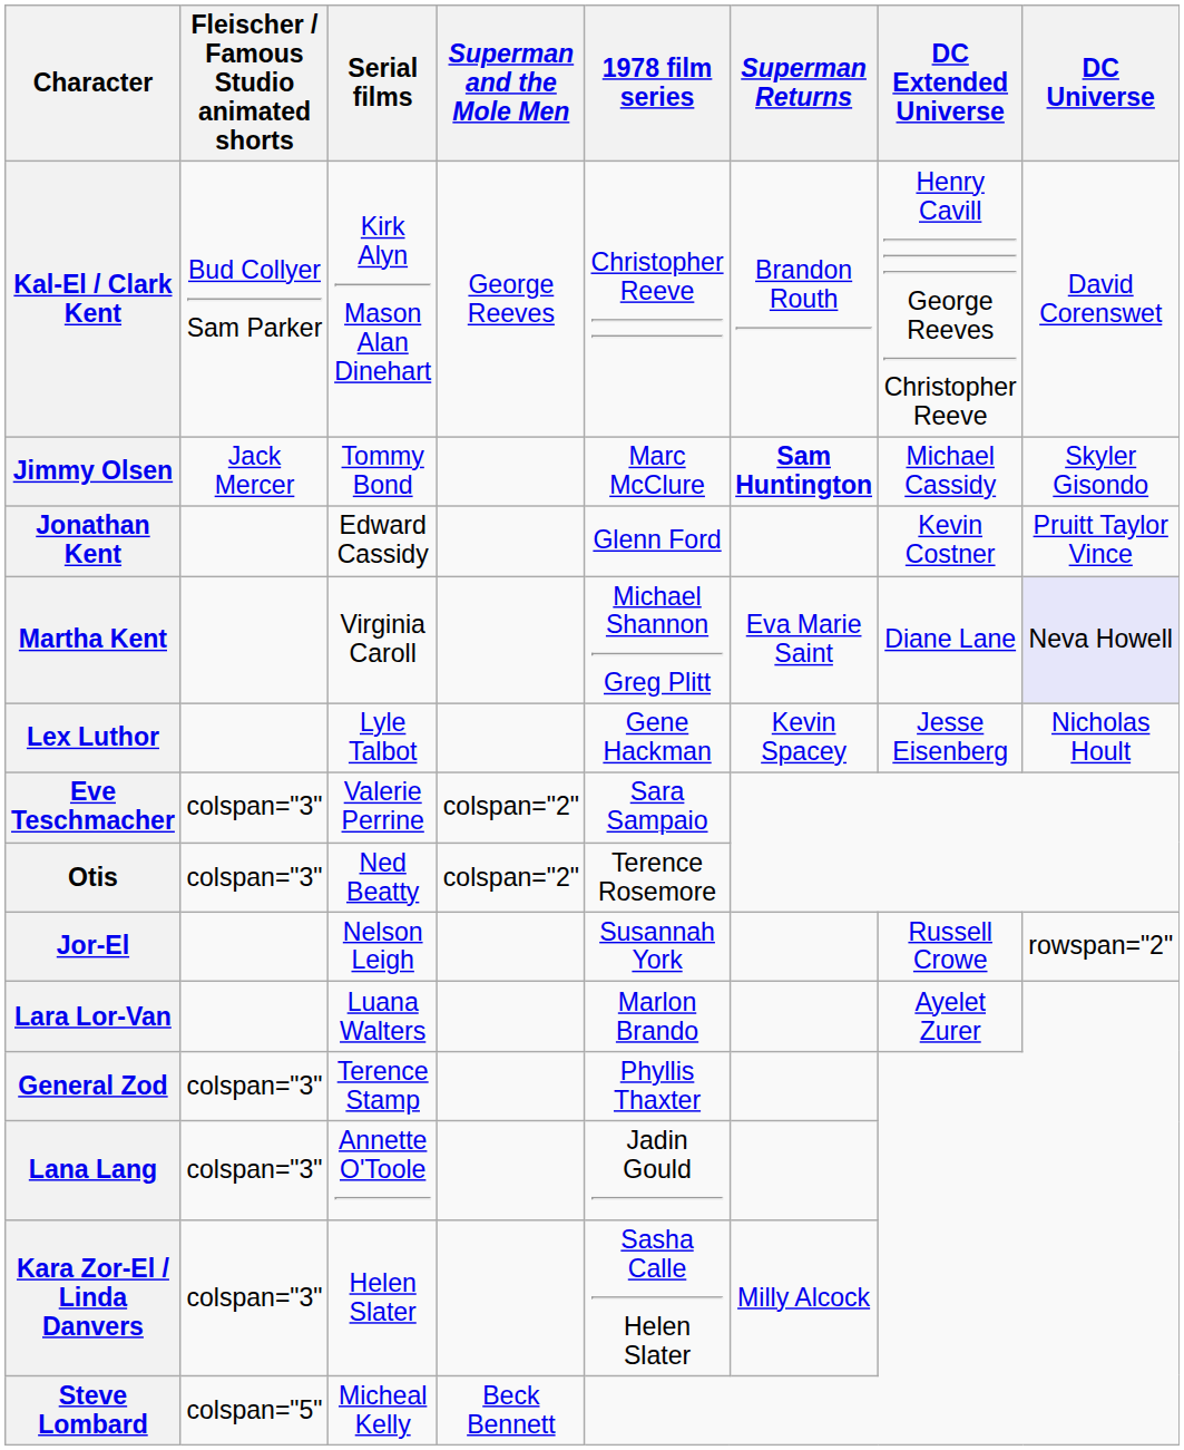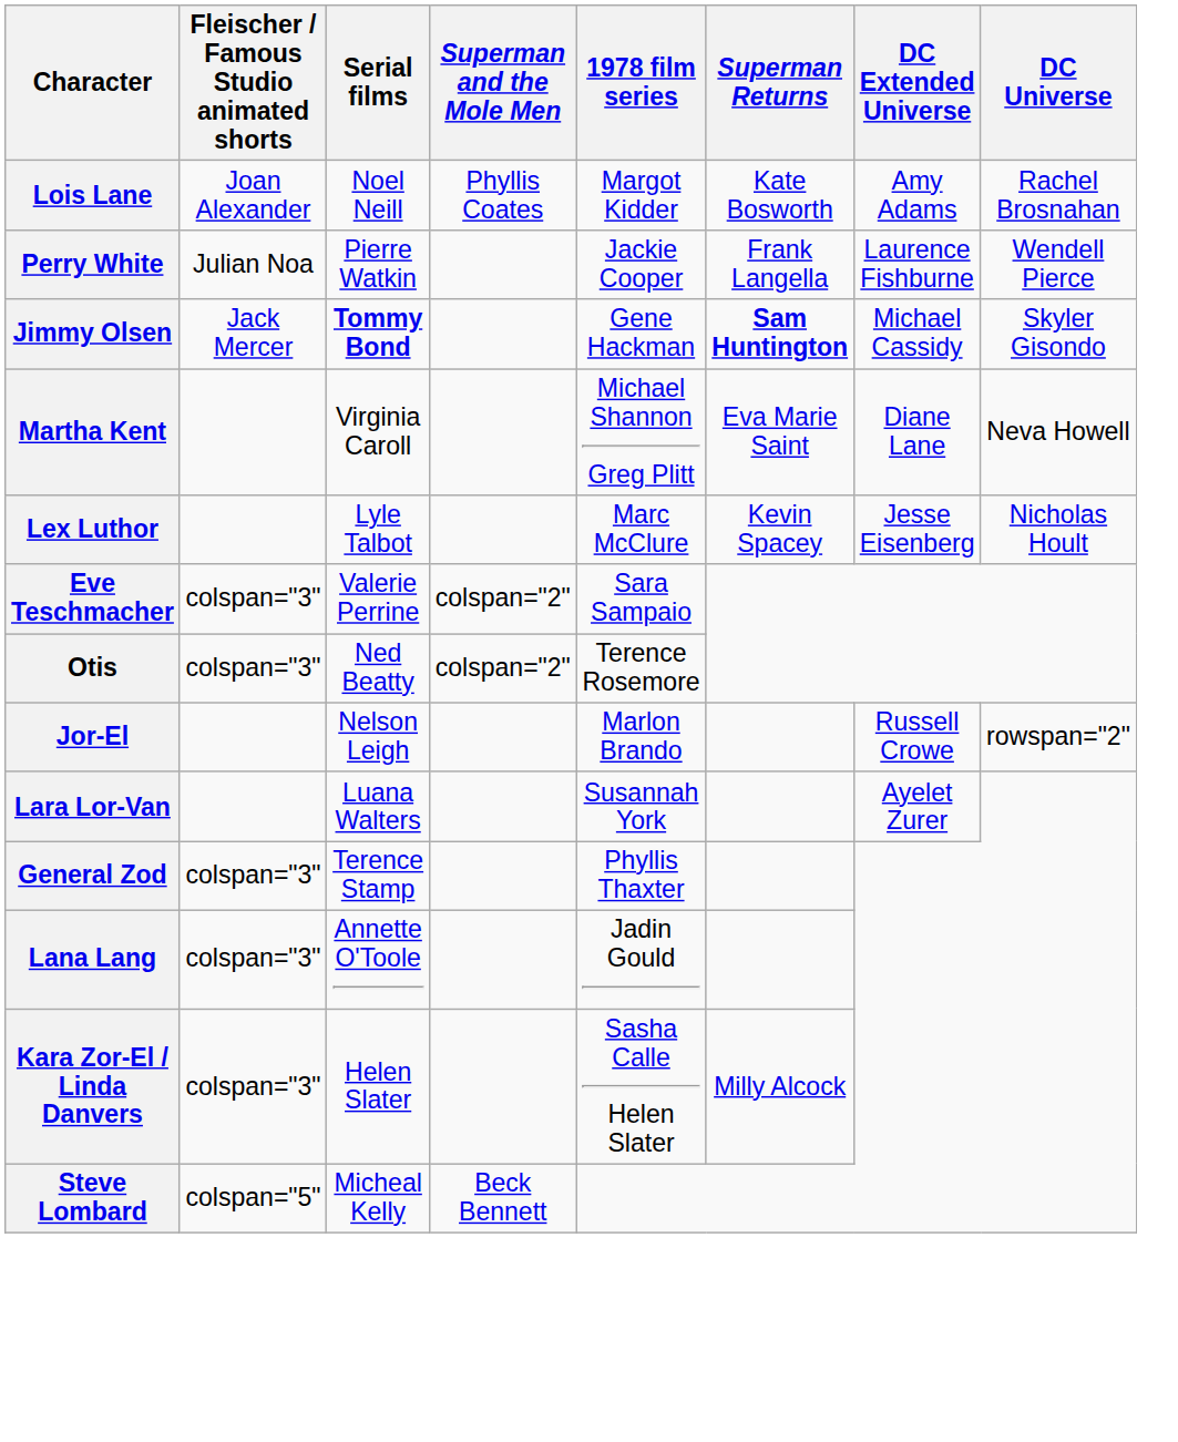 <table class="wikitable" style="text-align:center; width:99%;">
 <tr>
 <th style="width:12%;">Character</th>
 <th style="width:12%;">Fleischer / Famous Studio animated shorts<br></th>
 <th>Serial films<br></th>
 <th style="width:12%;"><em><a href='#'>Superman and the Mole Men</a></em><br></th>
 <th><a href='#'>1978 film series</a><br></th>
 <th><em><a href='#'>Superman Returns</a></em><br></th>
 <th><a href='#'>DC Extended Universe</a><br></th>
 <th><a href='#'>DC Universe</a><br></th>
 </tr>
 <tr>
-<th><a href='#'>Kal-El / Clark Kent<br></a></th>
-<td><a href='#'>Bud Collyer</a><hr>Sam Parker</td>
-<td><a href='#'>Kirk Alyn</a><hr><a href='#'>Mason Alan Dinehart</a></td>
-<td><a href='#'>George Reeves</a></td>
-<td><a href='#'>Christopher Reeve</a><hr><hr></td>
-<td><a href='#'>Brandon Routh</a><hr></td>
-<td><a href='#'>Henry Cavill</a><hr><hr><hr>George Reeves<hr>Christopher Reeve</td>
-<td><a href='#'>David Corenswet</a></td>
+<th><a href='#'>Lois Lane</a></th>
+<td><a href='#'>Joan Alexander</a></td>
+<td><a href='#'>Noel Neill</a></td>
+<td><a href='#'>Phyllis Coates</a></td>
+<td><a href='#'>Margot Kidder</a></td>
+<td><a href='#'>Kate Bosworth</a></td>
+<td><a href='#'>Amy Adams</a></td>
+<td><a href='#'>Rachel Brosnahan</a></td>
+</tr>
+<tr>
+<th><a href='#'>Perry White</a></th>
+<td>Julian Noa</td>
+<td><a href='#'>Pierre Watkin</a></td>
+<td></td>
+<td><a href='#'>Jackie Cooper</a></td>
+<td><a href='#'>Frank Langella</a></td>
+<td><a href='#'>Laurence Fishburne</a></td>
+<td><a href='#'>Wendell Pierce</a></td>
 </tr>
 <tr>
 <th><a href='#'>Jimmy Olsen</a></th>
 <td><a href='#'>Jack Mercer</a></td>
-<td><a href='#'>Tommy Bond</a></td>
+<td><strong><a href='#'>Tommy Bond</a></strong></td>
 <td></td>
-<td><a href='#'>Marc McClure</a></td>
+<td><a href='#'>Gene Hackman</a></td>
 <td><strong><a href='#'>Sam Huntington</a></strong></td>
 <td><a href='#'>Michael Cassidy</a></td>
 <td><a href='#'>Skyler Gisondo</a></td>
-</tr>
-<tr>
-<th><a href='#'>Jonathan Kent</a></th>
-<td></td>
-<td>Edward Cassidy</td>
-<td></td>
-<td><a href='#'>Glenn Ford</a></td>
-<td></td>
-<td><a href='#'>Kevin Costner</a></td>
-<td><a href='#'>Pruitt Taylor Vince</a></td>
 </tr>
 <tr>
 <th><a href='#'>Martha Kent</a></th>
 <td></td>
 <td>Virginia Caroll</td>
 <td></td>
 <td><a href='#'>Michael Shannon</a><hr><a href='#'>Greg Plitt</a></td>
 <td><a href='#'>Eva Marie Saint</a></td>
 <td><a href='#'>Diane Lane</a></td>
-<td style="background: lavender;">Neva Howell</td>
+<td>Neva Howell</td>
 </tr>
 <tr>
 <th><a href='#'>Lex Luthor</a></th>
 <td></td>
 <td><a href='#'>Lyle Talbot</a></td>
 <td></td>
-<td><a href='#'>Gene Hackman</a></td>
+<td><a href='#'>Marc McClure</a></td>
 <td><a href='#'>Kevin Spacey</a></td>
 <td><a href='#'>Jesse Eisenberg</a></td>
 <td><a href='#'>Nicholas Hoult</a></td>
 </tr>
 <tr>
 <th><a href='#'>Eve Teschmacher</a></th>
 <td>colspan="3" </td>
 <td><a href='#'>Valerie Perrine</a></td>
 <td>colspan="2" </td>
 <td><a href='#'>Sara Sampaio</a></td>
 </tr>
 <tr>
 <th>Otis</th>
 <td>colspan="3" </td>
 <td><a href='#'>Ned Beatty</a></td>
 <td>colspan="2" </td>
 <td>Terence Rosemore</td>
 </tr>
 <tr>
 <th><a href='#'>Jor-El</a></th>
 <td></td>
 <td><a href='#'>Nelson Leigh</a></td>
 <td></td>
-<td><a href='#'>Susannah York</a></td>
+<td><a href='#'>Marlon Brando</a></td>
 <td></td>
 <td><a href='#'>Russell Crowe</a></td>
 <td>rowspan="2" </td>
 </tr>
 <tr>
 <th><a href='#'>Lara Lor-Van</a></th>
 <td></td>
 <td><a href='#'>Luana Walters</a></td>
 <td></td>
-<td><a href='#'>Marlon Brando</a></td>
+<td><a href='#'>Susannah York</a></td>
 <td></td>
 <td><a href='#'>Ayelet Zurer</a></td>
 </tr>
 <tr>
 <th><a href='#'>General Zod</a></th>
 <td>colspan="3" </td>
 <td><a href='#'>Terence Stamp</a></td>
 <td></td>
 <td><a href='#'>Phyllis Thaxter</a></td>
 <td></td>
 </tr>
 <tr>
 <th><a href='#'>Lana Lang</a></th>
 <td>colspan="3" </td>
 <td><a href='#'>Annette O'Toole</a><hr></td>
 <td></td>
 <td>Jadin Gould<hr></td>
 <td></td>
 </tr>
 <tr>
 <th><a href='#'>Kara Zor-El / Linda Danvers<br></a></th>
 <td>colspan="3" </td>
 <td><a href='#'>Helen Slater</a></td>
 <td></td>
 <td><a href='#'>Sasha Calle</a><hr>Helen Slater</td>
 <td><a href='#'>Milly Alcock</a></td>
 </tr>
 <tr>
 <th><a href='#'>Steve Lombard</a></th>
 <td>colspan="5" </td>
 <td><a href='#'>Micheal Kelly</a></td>
 <td><a href='#'>Beck Bennett</a></td>
 </tr>
 </table>
